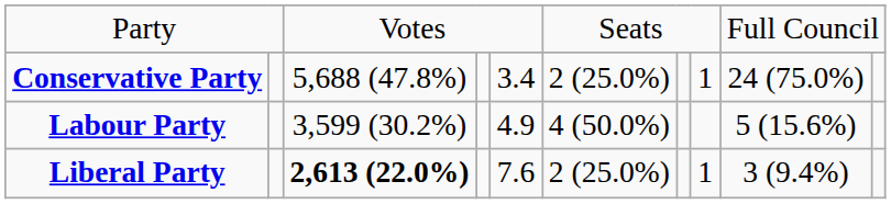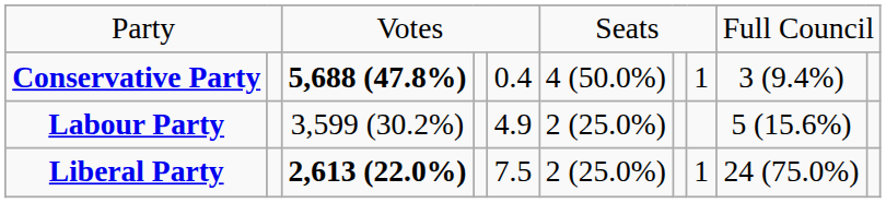 <table class=wikitable style="text-align:center;">
 <tr>
 <td colspan=2>Party</td>
 <td colspan=3>Votes</td>
 <td colspan=3>Seats</td>
 <td colspan=3>Full Council</td>
 </tr>
 <tr>
 <td><strong><a href='#'>Conservative Party</a></strong></td>
 <td style="background:"></td>
-<td>5,688 (47.8%)</td>
+<td><strong>5,688 (47.8%)</strong></td>
 <td></td>
-<td> 3.4</td>
-<td>2 (25.0%)</td>
+<td> 0.4</td>
+<td>4 (50.0%)</td>
 <td></td>
 <td> 1</td>
-<td>24 (75.0%)</td>
+<td>3 (9.4%)</td>
 <td></td>
 </tr>
 <tr>
 <td><strong><a href='#'>Labour Party</a></strong></td>
 <td style="background:"></td>
 <td>3,599 (30.2%)</td>
 <td></td>
 <td> 4.9</td>
-<td>4 (50.0%)</td>
+<td>2 (25.0%)</td>
 <td></td>
 <td></td>
 <td>5 (15.6%)</td>
 <td></td>
 </tr>
 <tr>
 <td><strong><a href='#'>Liberal Party</a></strong></td>
 <td style="background:"></td>
 <td><strong>2,613 (22.0%)</strong></td>
 <td></td>
-<td> 7.6</td>
+<td> 7.5</td>
 <td>2  (25.0%)</td>
 <td></td>
 <td> 1</td>
-<td>3 (9.4%)</td>
+<td>24 (75.0%)</td>
 <td></td>
 </tr>
 </table>
